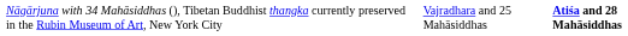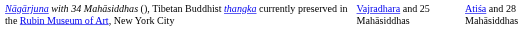 <table class="nounderlines" border="0" cellpadding="4" cellspacing="4" style="background:transparent;">
 <tr valign="top">
 <td></td>
 <td></td>
 <td></td>
 </tr>
 <tr>
 <td><em><a href='#'>Nāgārjuna</a> with 34 Mahāsiddhas</em> (), Tibetan Buddhist <em><a href='#'>thangka</a></em> currently preserved in the <a href='#'>Rubin Museum of Art</a>, New York City</td>
 <td><a href='#'>Vajradhara</a> and 25 Mahāsiddhas</td>
-<td><strong><a href='#'>Atiśa</a> and 28 Mahāsiddhas</strong></td>
+<td><a href='#'>Atiśa</a> and 28 Mahāsiddhas</td>
 </tr>
 </table>
